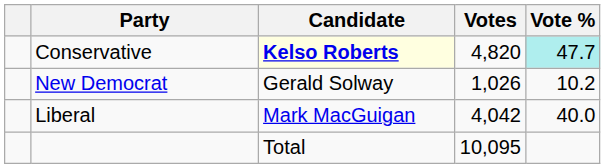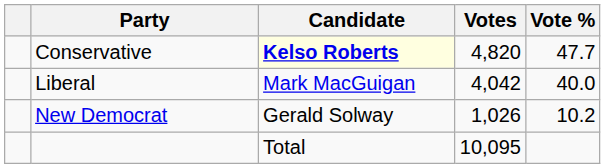 <table class="wikitable">
 <tr>
 <th></th>
 <th scope="col" style="width:175px;">Party</th>
 <th scope="col" style="width:150px;">Candidate</th>
 <th>Votes</th>
 <th>Vote %</th>
 </tr>
 <tr>
 <td>   </td>
 <td>Conservative</td>
 <td style="background: lightyellow;"><strong><a href='#'>Kelso Roberts</a></strong></td>
 <td align=right>4,820</td>
-<td align=right style="background: paleturquoise;">47.7</td>
+<td align=right>47.7</td>
+</tr>
+<tr |>
+<td>   </td>
+<td>Liberal</td>
+<td><a href='#'>Mark MacGuigan</a></td>
+<td align=right>4,042</td>
+<td align=right>40.0</td>
 </tr>
 <tr |>
 <td>   </td>
 <td><a href='#'>New Democrat</a></td>
 <td>Gerald Solway</td>
 <td align=right>1,026</td>
 <td align=right>10.2<br> </td>
 </tr>
 <tr |>
-<td>   </td>
-<td>Liberal</td>
-<td><a href='#'>Mark MacGuigan</a></td>
-<td align=right>4,042</td>
-<td align=right>40.0</td>
-</tr>
-<tr |>
 <td></td>
 <td></td>
 <td>Total</td>
 <td align=right>10,095</td>
 <td></td>
 </tr>
 </table>
